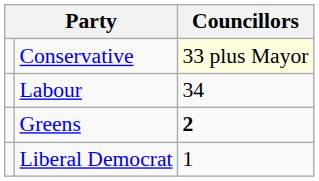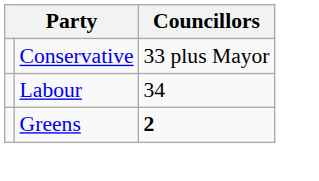 <table class="wikitable">
 <tr>
 <th colspan="2">Party</th>
 <th>Councillors</th>
 </tr>
 <tr>
 <td style="background-color: "></td>
 <td><a href='#'>Conservative</a></td>
-<td style="background: lightyellow;">33 plus Mayor</td>
+<td>33 plus Mayor</td>
 </tr>
 <tr>
 <td style="background-color: "></td>
 <td><a href='#'>Labour</a></td>
 <td>34</td>
 </tr>
 <tr>
 <td style="background-color: "></td>
 <td><a href='#'>Greens</a></td>
 <td><strong>2</strong></td>
 </tr>
-<tr>
-<td style="background-color: "></td>
-<td><a href='#'>Liberal Democrat</a></td>
-<td>1</td>
-</tr>
 </table>
